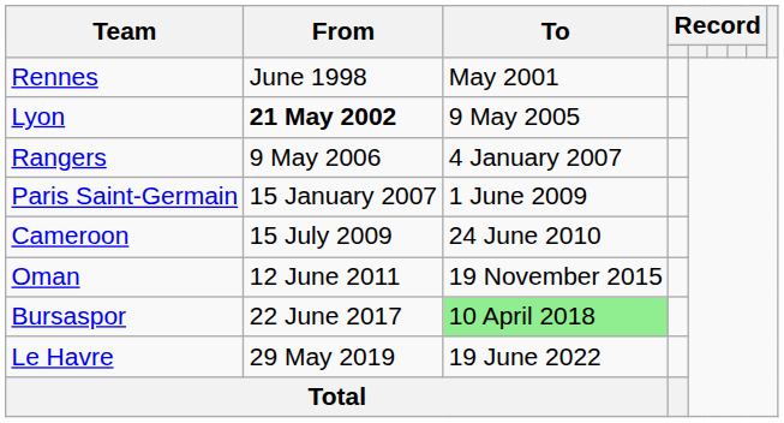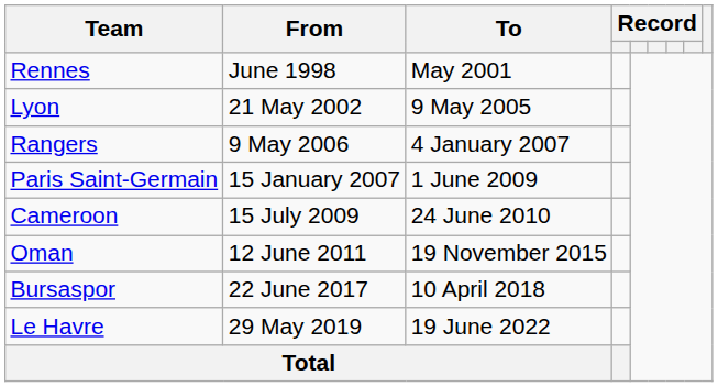 <table class=wikitable style="text-align:center">
 <tr>
 <th rowspan=2>Team</th>
 <th rowspan=2>From</th>
 <th rowspan=2>To</th>
 <th colspan=5>Record</th>
 <th rowspan=2></th>
 </tr>
 <tr>
 <th></th>
 <th></th>
 <th></th>
 <th></th>
 <th></th>
 </tr>
 <tr>
 <td align=left><a href='#'>Rennes</a></td>
 <td align=left>June 1998</td>
 <td align=left>May 2001<br></td>
 <td></td>
 </tr>
 <tr>
 <td align=left><a href='#'>Lyon</a></td>
-<td align=left><strong>21 May 2002</strong></td>
+<td align=left>21 May 2002</td>
 <td align=left>9 May 2005<br></td>
 <td></td>
 </tr>
 <tr>
 <td align=left><a href='#'>Rangers</a></td>
 <td align=left>9 May 2006</td>
 <td align=left>4 January 2007<br></td>
 <td></td>
 </tr>
 <tr>
 <td align=left><a href='#'>Paris Saint-Germain</a></td>
 <td align=left>15 January 2007</td>
 <td align=left>1 June 2009<br></td>
 <td></td>
 </tr>
 <tr>
 <td align=left><a href='#'>Cameroon</a></td>
 <td align=left>15 July 2009</td>
 <td align=left>24 June 2010<br></td>
 <td></td>
 </tr>
 <tr>
 <td align=left><a href='#'>Oman</a></td>
 <td align=left>12 June 2011</td>
 <td align=left>19 November 2015<br></td>
 <td></td>
 </tr>
 <tr>
 <td align=left><a href='#'>Bursaspor</a></td>
 <td align=left>22 June 2017</td>
-<td align=left style="background: lightgreen;">10 April 2018<br></td>
+<td align=left>10 April 2018<br></td>
 <td></td>
 </tr>
 <tr>
 <td align=left><a href='#'>Le Havre</a></td>
 <td align=left>29 May 2019</td>
 <td align=left>19 June 2022<br></td>
 <td></td>
 </tr>
 <tr>
 <th colspan=3>Total<br></th>
 <th></th>
 </tr>
 </table>
